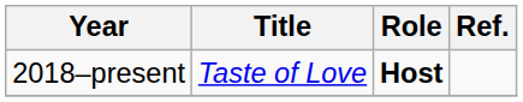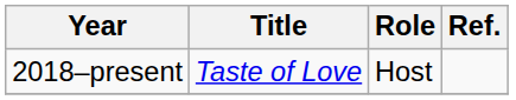 <table class="wikitable">
 <tr>
 <th>Year</th>
 <th>Title</th>
 <th>Role</th>
 <th>Ref.</th>
 </tr>
 <tr>
 <td>2018–present</td>
 <td><em><a href='#'>Taste of Love</a></em></td>
-<td><strong>Host</strong></td>
+<td>Host</td>
 <td></td>
 </tr>
 <tr>
 </tr>
 </table>
